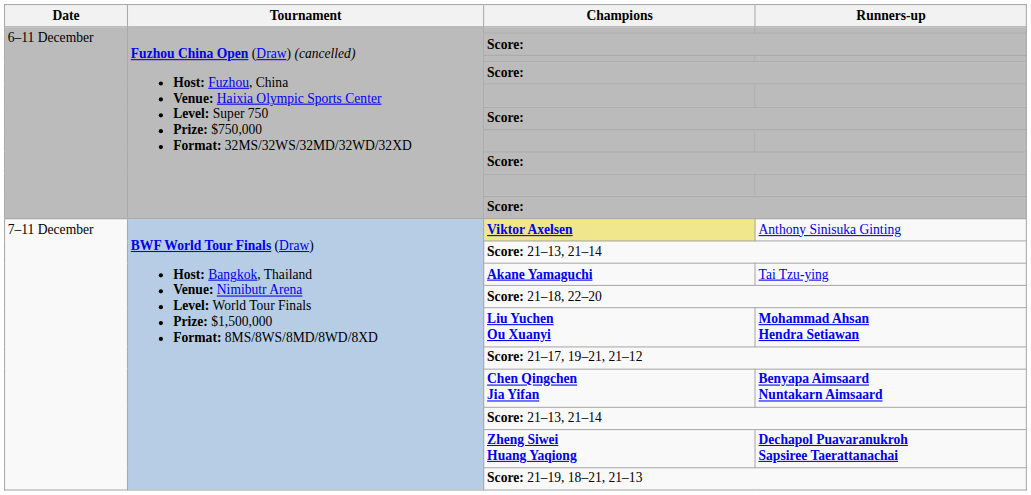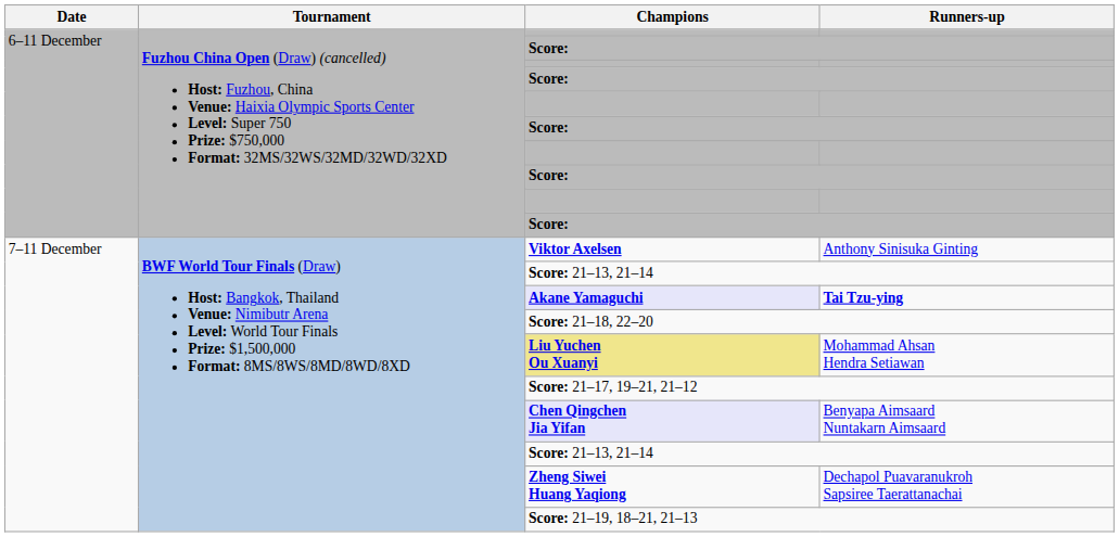 <table class="wikitable" style="font-size:80%">
 <tr>
 <th width="110">Date</th>
 <th width="330">Tournament</th>
 <th width="250">Champions</th>
 <th width="250">Runners-up</th>
 </tr>
 <tr valign="top" bgcolor="#BBBBBB">
 <td rowspan="10">6–11 December</td>
 <td bgcolor="#BBBBBB" rowspan="10"><br><strong><a href='#'>Fuzhou China Open</a></strong> (<a href='#'>Draw</a>) <em>(cancelled)</em><ul><li><strong>Host:</strong> <a href='#'>Fuzhou</a>, China</li><li><strong>Venue:</strong> <a href='#'>Haixia Olympic Sports Center</a></li><li><strong>Level:</strong> Super 750</li><li><strong>Prize:</strong> $750,000</li><li><strong>Format:</strong> 32MS/32WS/32MD/32WD/32XD</li></ul></td>
 <td><strong> </strong></td>
 <td></td>
 </tr>
 <tr bgcolor="#BBBBBB">
 <td colspan="2"><strong>Score:</strong></td>
 </tr>
 <tr valign="top" bgcolor="#BBBBBB">
 <td><strong> </strong></td>
 <td></td>
 </tr>
 <tr bgcolor="#BBBBBB">
 <td colspan="2"><strong>Score:</strong></td>
 </tr>
 <tr valign="top" bgcolor="#BBBBBB">
 <td><strong> <br> </strong></td>
 <td> <br></td>
 </tr>
 <tr bgcolor="#BBBBBB">
 <td colspan="2"><strong>Score:</strong></td>
 </tr>
 <tr valign="top" bgcolor="#BBBBBB">
 <td><strong> <br> </strong></td>
 <td> <br></td>
 </tr>
 <tr bgcolor="#BBBBBB">
 <td colspan="2"><strong>Score:</strong></td>
 </tr>
 <tr valign="top" bgcolor="#BBBBBB">
 <td><strong> <br> </strong></td>
 <td> <br></td>
 </tr>
 <tr bgcolor="#BBBBBB">
 <td colspan="2"><strong>Score:</strong></td>
 </tr>
 <tr valign="top">
 <td rowspan=10>7–11 December</td>
 <td style="background:#B6CDE5;" rowspan="10"><br><strong><a href='#'>BWF World Tour Finals</a></strong> (<a href='#'>Draw</a>)<ul><li><strong>Host:</strong> <a href='#'>Bangkok</a>, Thailand</li><li><strong>Venue:</strong> <a href='#'>Nimibutr Arena</a></li><li><strong>Level:</strong> World Tour Finals</li><li><strong>Prize:</strong> $1,500,000</li><li><strong>Format:</strong> 8MS/8WS/8MD/8WD/8XD</li></ul></td>
-<td style="background: khaki;"><strong> <a href='#'>Viktor Axelsen</a></strong></td>
+<td><strong> <a href='#'>Viktor Axelsen</a></strong></td>
 <td> <a href='#'>Anthony Sinisuka Ginting</a></td>
 </tr>
 <tr>
 <td colspan="2"><strong>Score:</strong> 21–13, 21–14</td>
 </tr>
 <tr valign="top">
-<td><strong> <a href='#'>Akane Yamaguchi</a></strong></td>
-<td> <a href='#'>Tai Tzu-ying</a></td>
+<td style="background: lavender;"><strong> <a href='#'>Akane Yamaguchi</a></strong></td>
+<td><strong> <a href='#'>Tai Tzu-ying</a></strong></td>
 </tr>
 <tr>
 <td colspan="2"><strong>Score:</strong> 21–18, 22–20</td>
 </tr>
 <tr valign="top">
-<td><strong> <a href='#'>Liu Yuchen</a><br> <a href='#'>Ou Xuanyi</a></strong></td>
-<td><strong> <a href='#'>Mohammad Ahsan</a><br> <a href='#'>Hendra Setiawan</a></strong></td>
+<td style="background: khaki;"><strong> <a href='#'>Liu Yuchen</a><br> <a href='#'>Ou Xuanyi</a></strong></td>
+<td> <a href='#'>Mohammad Ahsan</a><br> <a href='#'>Hendra Setiawan</a></td>
 </tr>
 <tr>
 <td colspan="2"><strong>Score:</strong> 21–17, 19–21, 21–12</td>
 </tr>
 <tr valign="top">
-<td><strong> <a href='#'>Chen Qingchen</a><br> <a href='#'>Jia Yifan</a></strong></td>
-<td><strong> <a href='#'>Benyapa Aimsaard</a><br> <a href='#'>Nuntakarn Aimsaard</a></strong></td>
+<td style="background: lavender;"><strong> <a href='#'>Chen Qingchen</a><br> <a href='#'>Jia Yifan</a></strong></td>
+<td> <a href='#'>Benyapa Aimsaard</a><br> <a href='#'>Nuntakarn Aimsaard</a></td>
 </tr>
 <tr>
 <td colspan="2"><strong>Score:</strong> 21–13, 21–14</td>
 </tr>
 <tr valign="top">
 <td><strong> <a href='#'>Zheng Siwei</a><br> <a href='#'>Huang Yaqiong</a></strong></td>
-<td><strong> <a href='#'>Dechapol Puavaranukroh</a><br> <a href='#'>Sapsiree Taerattanachai</a></strong></td>
+<td> <a href='#'>Dechapol Puavaranukroh</a><br> <a href='#'>Sapsiree Taerattanachai</a></td>
 </tr>
 <tr>
 <td colspan="2"><strong>Score:</strong> 21–19, 18–21, 21–13</td>
 </tr>
 </table>
